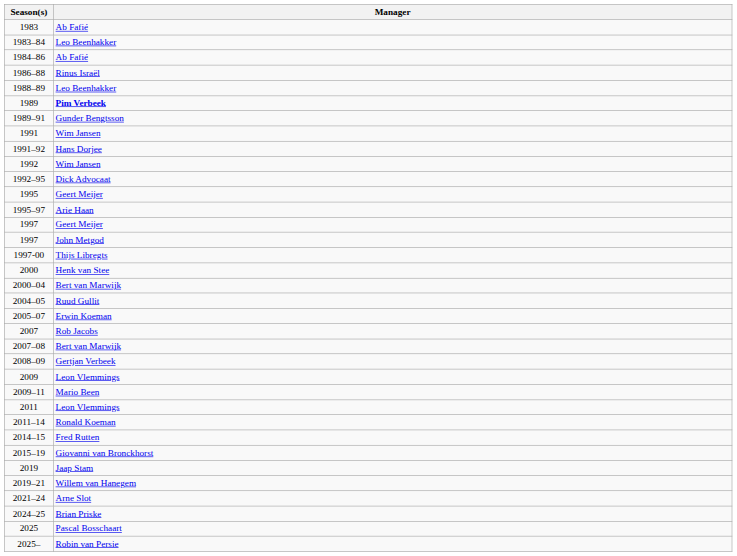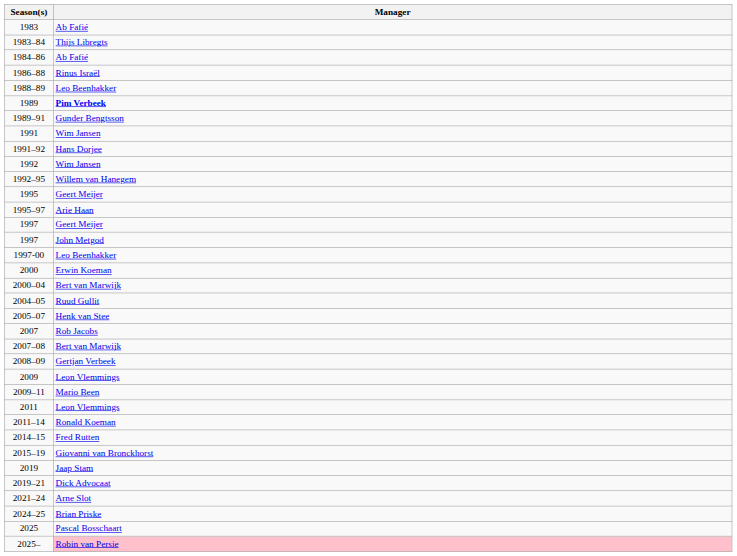 <table class="wikitable" width="90%" style="font-size: 90%">
 <tr>
 <th width="70">Season(s)</th>
 <th>Manager</th>
 </tr>
 <tr>
 <td align="center">1983</td>
 <td> <a href='#'>Ab Fafié</a> </td>
 </tr>
 <tr>
 <td align="center">1983–84</td>
-<td> <a href='#'>Leo Beenhakker</a></td>
+<td> <a href='#'>Thijs Libregts</a></td>
 </tr>
 <tr>
 <td align="center">1984–86</td>
 <td> <a href='#'>Ab Fafié</a></td>
 </tr>
 <tr>
 <td align="center">1986–88</td>
 <td> <a href='#'>Rinus Israël</a></td>
 </tr>
 <tr>
 <td align="center">1988–89</td>
 <td> <a href='#'>Leo Beenhakker</a> </td>
 </tr>
 <tr>
 <td align="center">1989</td>
 <td><strong> <a href='#'>Pim Verbeek</a></strong></td>
 </tr>
 <tr>
 <td align="center">1989–91</td>
 <td> <a href='#'>Gunder Bengtsson</a></td>
 </tr>
 <tr>
 <td align="center">1991</td>
 <td> <a href='#'>Wim Jansen</a> </td>
 </tr>
 <tr>
 <td align="center">1991–92</td>
 <td> <a href='#'>Hans Dorjee</a></td>
 </tr>
 <tr>
 <td align="center">1992</td>
 <td> <a href='#'>Wim Jansen</a> </td>
 </tr>
 <tr>
 <td align="center">1992–95</td>
-<td> <a href='#'>Dick Advocaat</a></td>
+<td> <a href='#'>Willem van Hanegem</a></td>
 </tr>
 <tr>
 <td align="center">1995</td>
 <td> <a href='#'>Geert Meijer</a> </td>
 </tr>
 <tr>
 <td align="center">1995–97</td>
 <td> <a href='#'>Arie Haan</a></td>
 </tr>
 <tr>
 <td align="center">1997</td>
 <td> <a href='#'>Geert Meijer</a> </td>
 </tr>
 <tr>
 <td align="center">1997</td>
 <td> <a href='#'>John Metgod</a> </td>
 </tr>
 <tr>
 <td align="center">1997-00</td>
-<td> <a href='#'>Thijs Libregts</a></td>
+<td> <a href='#'>Leo Beenhakker</a></td>
 </tr>
 <tr>
 <td align="center">2000</td>
-<td> <a href='#'>Henk van Stee</a> </td>
+<td> <a href='#'>Erwin Koeman</a></td>
 </tr>
 <tr>
 <td align="center">2000–04</td>
 <td> <a href='#'>Bert van Marwijk</a></td>
 </tr>
 <tr>
 <td align="center">2004–05</td>
 <td> <a href='#'>Ruud Gullit</a></td>
 </tr>
 <tr>
 <td align="center">2005–07</td>
-<td> <a href='#'>Erwin Koeman</a></td>
+<td> <a href='#'>Henk van Stee</a> </td>
 </tr>
 <tr>
 <td align="center">2007</td>
 <td> <a href='#'>Rob Jacobs</a></td>
 </tr>
 <tr>
 <td align="center">2007–08</td>
 <td> <a href='#'>Bert van Marwijk</a></td>
 </tr>
 <tr>
 <td align="center">2008–09</td>
 <td> <a href='#'>Gertjan Verbeek</a></td>
 </tr>
 <tr>
 <td align="center">2009</td>
 <td> <a href='#'>Leon Vlemmings</a> </td>
 </tr>
 <tr>
 <td align="center">2009–11</td>
 <td> <a href='#'>Mario Been</a></td>
 </tr>
 <tr>
 <td align="center">2011</td>
 <td> <a href='#'>Leon Vlemmings</a> </td>
 </tr>
 <tr>
 <td align="center">2011–14</td>
 <td> <a href='#'>Ronald Koeman</a></td>
 </tr>
 <tr>
 <td align="center">2014–15</td>
 <td> <a href='#'>Fred Rutten</a></td>
 </tr>
 <tr>
 <td align="center">2015–19</td>
 <td> <a href='#'>Giovanni van Bronckhorst</a></td>
 </tr>
 <tr>
 <td align="center">2019</td>
 <td> <a href='#'>Jaap Stam</a></td>
 </tr>
 <tr>
 <td align="center">2019–21</td>
-<td> <a href='#'>Willem van Hanegem</a></td>
+<td> <a href='#'>Dick Advocaat</a></td>
 </tr>
 <tr>
 <td align="center">2021–24</td>
 <td> <a href='#'>Arne Slot</a></td>
 </tr>
 <tr>
 <td align="center">2024–25</td>
 <td> <a href='#'>Brian Priske</a></td>
 </tr>
 <tr>
 <td align="center">2025</td>
 <td> <a href='#'>Pascal Bosschaart</a> </td>
 </tr>
 <tr>
 <td align="center">2025–</td>
-<td> <a href='#'>Robin van Persie</a></td>
+<td style="background: pink;"> <a href='#'>Robin van Persie</a></td>
 </tr>
 </table>
